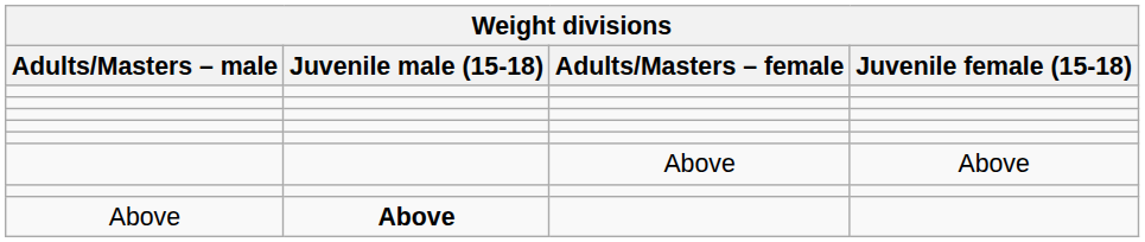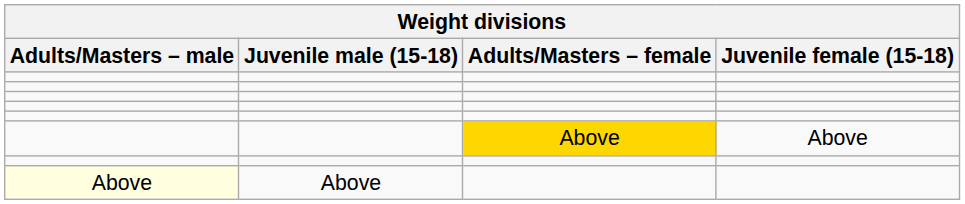 <table class="wikitable" style="font-size:95%;">
 <tr>
 <th colspan="4" align="center">Weight divisions</th>
 </tr>
 <tr>
 <th>Adults/Masters – male</th>
 <th>Juvenile male (15-18)</th>
 <th>Adults/Masters – female</th>
 <th>Juvenile female (15-18)</th>
 </tr>
 <tr align="center">
 <td></td>
 <td></td>
 <td></td>
 <td></td>
 </tr>
 <tr align="center">
 <td></td>
 <td></td>
 <td></td>
 <td></td>
 </tr>
 <tr align="center">
 <td></td>
 <td></td>
 <td></td>
 <td></td>
 </tr>
 <tr align="center">
 <td></td>
 <td></td>
 <td></td>
 <td></td>
 </tr>
 <tr align="center">
 <td></td>
 <td></td>
 <td></td>
 <td></td>
 </tr>
 <tr align="center">
 <td></td>
 <td></td>
-<td>Above </td>
+<td style="background: gold;">Above </td>
 <td>Above </td>
 </tr>
 <tr align="center">
 <td></td>
 <td></td>
 <td></td>
 <td></td>
 </tr>
 <tr align="center">
+<td style="background: lightyellow;">Above </td>
 <td>Above </td>
-<td><strong>Above </strong></td>
 <td></td>
 <td></td>
 </tr>
 </table>
